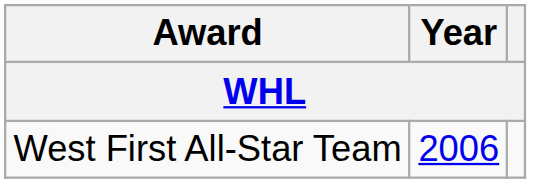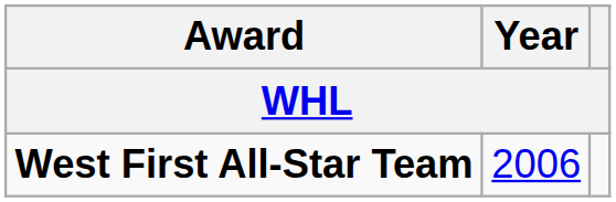 <table class="wikitable">
 <tr>
 <th>Award</th>
 <th>Year</th>
 <th></th>
 </tr>
 <tr>
 <th colspan="3"><a href='#'>WHL</a></th>
 </tr>
 <tr>
-<td>West First All-Star Team</td>
+<td><strong>West First All-Star Team</strong></td>
 <td><a href='#'>2006</a></td>
 <td></td>
 </tr>
 </table>
